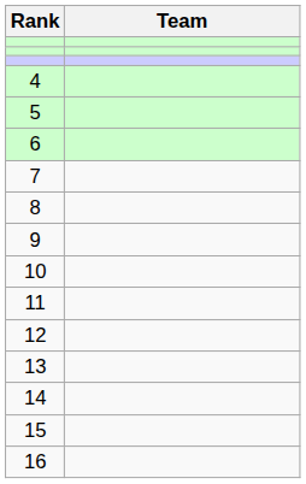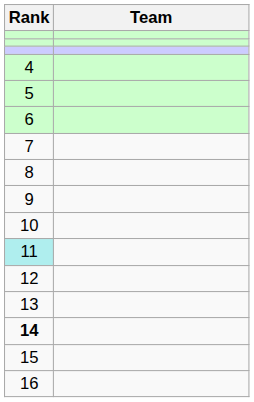 <table class="wikitable" style="text-align: center;">
 <tr>
 <th width=40>Rank</th>
 <th width=180>Team</th>
 </tr>
 <tr bgcolor=ccffcc>
 <td></td>
 <td align=left></td>
 </tr>
 <tr bgcolor=ccffcc>
 <td></td>
 <td align=left></td>
 </tr>
 <tr bgcolor=ccccff>
 <td></td>
 <td align=left></td>
 </tr>
 <tr bgcolor=ccffcc>
 <td>4</td>
 <td align=left></td>
 </tr>
 <tr bgcolor=ccffcc>
 <td>5</td>
 <td align=left></td>
 </tr>
 <tr bgcolor=ccffcc>
 <td>6</td>
 <td align=left></td>
 </tr>
 <tr>
 <td>7</td>
 <td align=left></td>
 </tr>
 <tr>
 <td>8</td>
 <td align=left></td>
 </tr>
 <tr>
 <td>9</td>
 <td align=left></td>
 </tr>
 <tr>
 <td>10</td>
 <td align=left></td>
 </tr>
 <tr>
-<td>11</td>
+<td style="background: paleturquoise;">11</td>
 <td align=left></td>
 </tr>
 <tr>
 <td>12</td>
 <td align=left></td>
 </tr>
 <tr>
 <td>13</td>
 <td align=left></td>
 </tr>
 <tr>
-<td>14</td>
+<td><strong>14</strong></td>
 <td align=left></td>
 </tr>
 <tr>
 <td>15</td>
 <td align=left></td>
 </tr>
 <tr>
 <td>16</td>
 <td align=left></td>
 </tr>
 </table>
